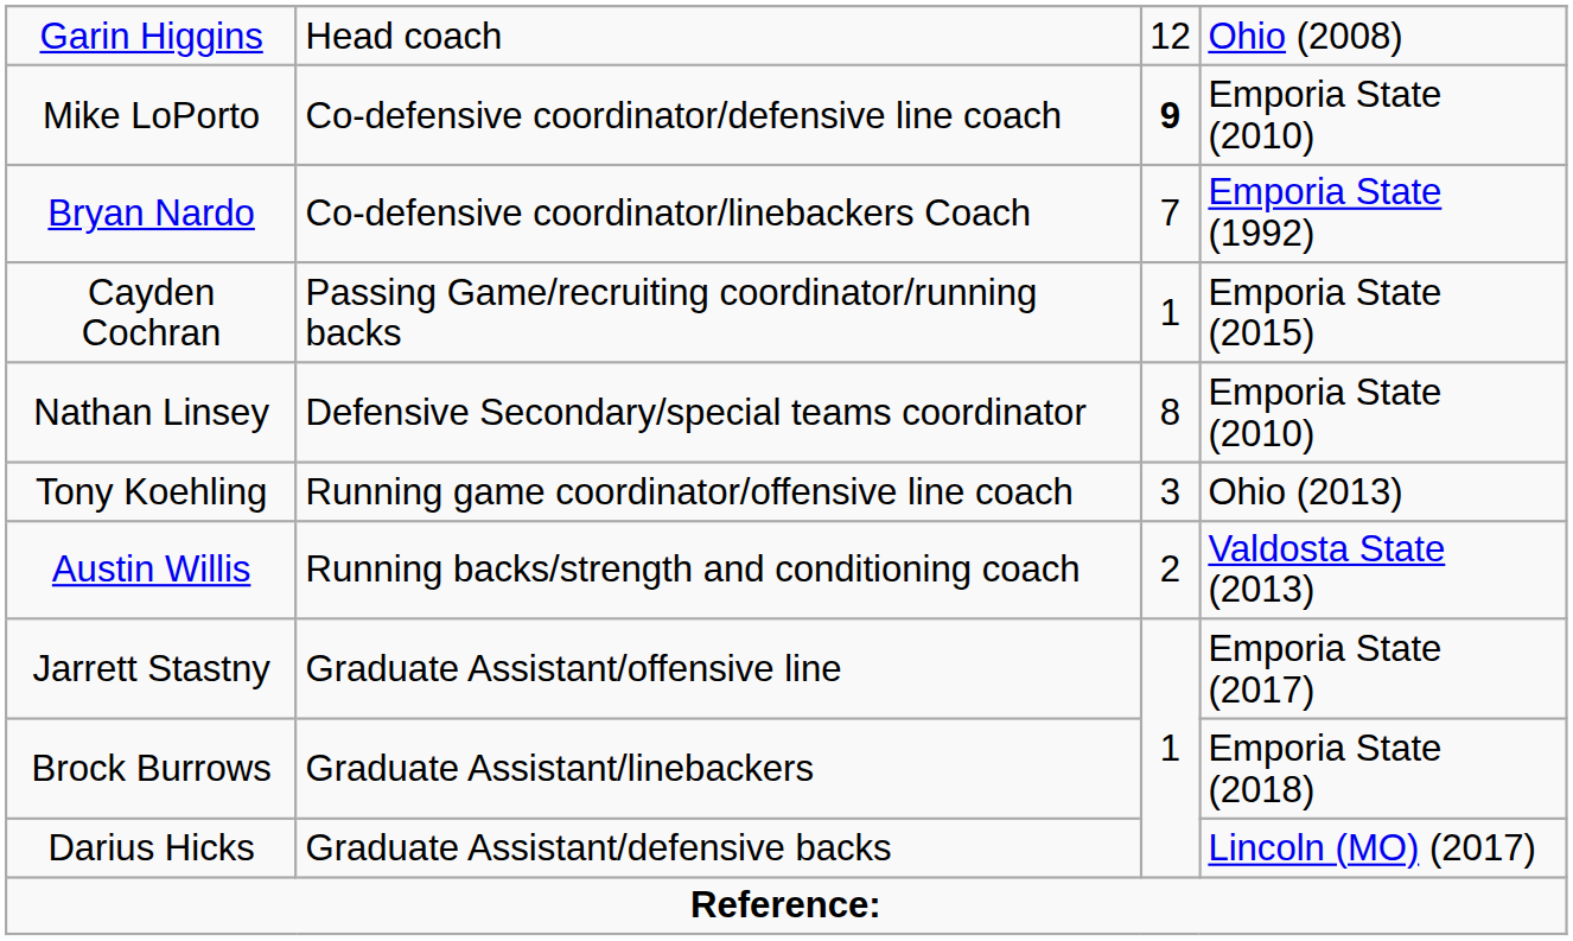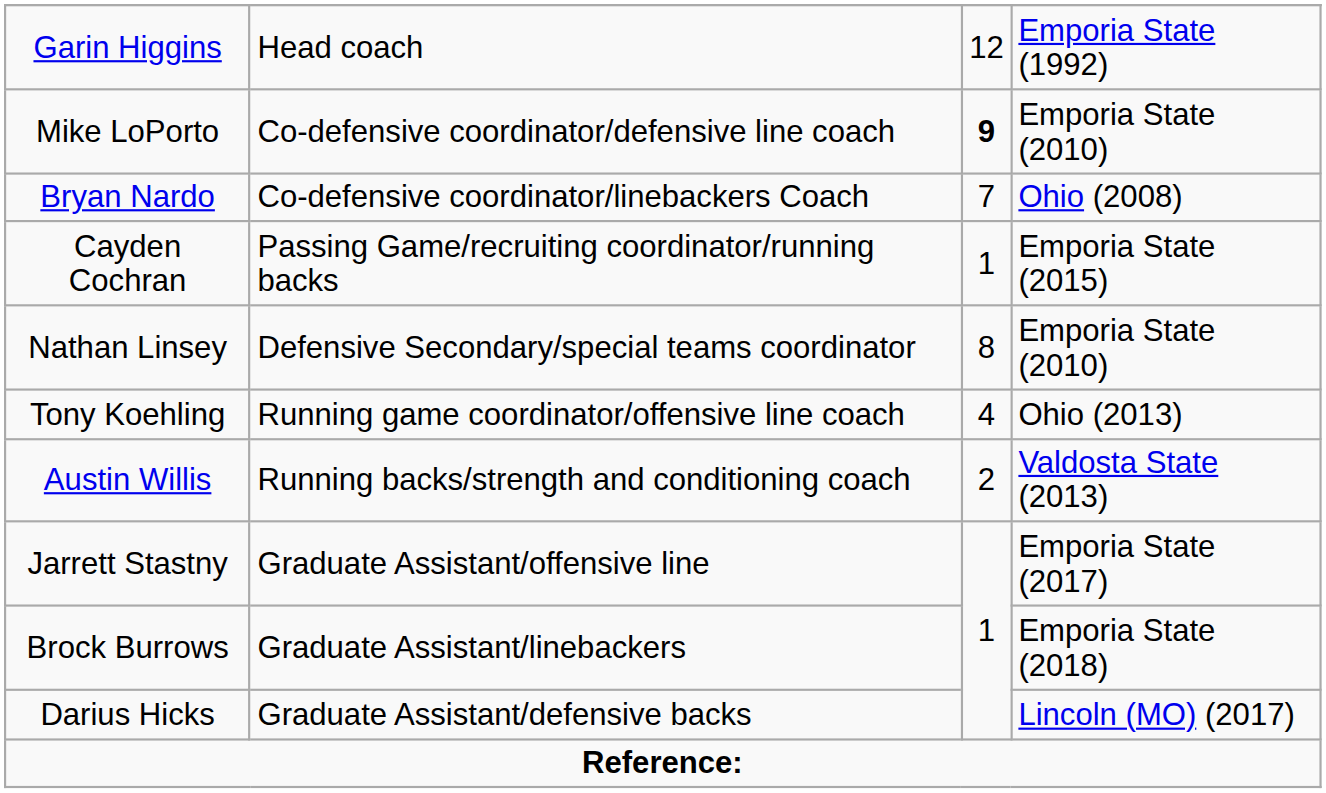 <table class="wikitable" style="font-size:90%">
 <tr>
 </tr>
 <tr>
 <td style="text-align:center"><a href='#'>Garin Higgins</a></td>
 <td>Head coach</td>
 <td style="text-align:center">12</td>
-<td><a href='#'>Ohio</a> (2008)</td>
+<td><a href='#'>Emporia State</a> (1992)</td>
 </tr>
 <tr>
 <td style="text-align:center">Mike LoPorto</td>
 <td>Co-defensive coordinator/defensive line coach</td>
 <td style="text-align:center"><strong>9</strong></td>
 <td>Emporia State (2010)</td>
 </tr>
 <tr>
 <td style="text-align:center"><a href='#'>Bryan Nardo</a></td>
 <td>Co-defensive coordinator/linebackers Coach</td>
 <td style="text-align:center">7</td>
-<td><a href='#'>Emporia State</a> (1992)</td>
+<td><a href='#'>Ohio</a> (2008)</td>
 </tr>
 <tr>
 <td style="text-align:center">Cayden Cochran</td>
 <td>Passing Game/recruiting coordinator/running backs</td>
 <td style="text-align:center">1</td>
 <td>Emporia State (2015)</td>
 </tr>
 <tr>
 <td style="text-align:center">Nathan Linsey</td>
 <td>Defensive Secondary/special teams coordinator</td>
 <td style="text-align:center">8</td>
 <td>Emporia State (2010)</td>
 </tr>
 <tr>
 <td style="text-align:center">Tony Koehling</td>
 <td>Running game coordinator/offensive line coach</td>
-<td style="text-align:center">3</td>
+<td style="text-align:center">4</td>
 <td>Ohio (2013)</td>
 </tr>
 <tr>
 <td style="text-align:center"><a href='#'>Austin Willis</a></td>
 <td>Running backs/strength and conditioning coach</td>
 <td style="text-align:center">2</td>
 <td><a href='#'>Valdosta State</a> (2013)</td>
 </tr>
 <tr>
 <td style="text-align:center">Jarrett Stastny</td>
 <td>Graduate Assistant/offensive line</td>
 <td style="text-align:center" rowspan="3">1</td>
 <td>Emporia State (2017)</td>
 </tr>
 <tr>
 <td style="text-align:center">Brock Burrows</td>
 <td>Graduate Assistant/linebackers</td>
 <td>Emporia State (2018)</td>
 </tr>
 <tr>
 <td style="text-align:center">Darius Hicks</td>
 <td>Graduate Assistant/defensive backs</td>
 <td><a href='#'>Lincoln (MO)</a> (2017)</td>
 </tr>
 <tr style="text-align:center;">
 <td colspan=4><strong>Reference:</strong></td>
 </tr>
 </table>
